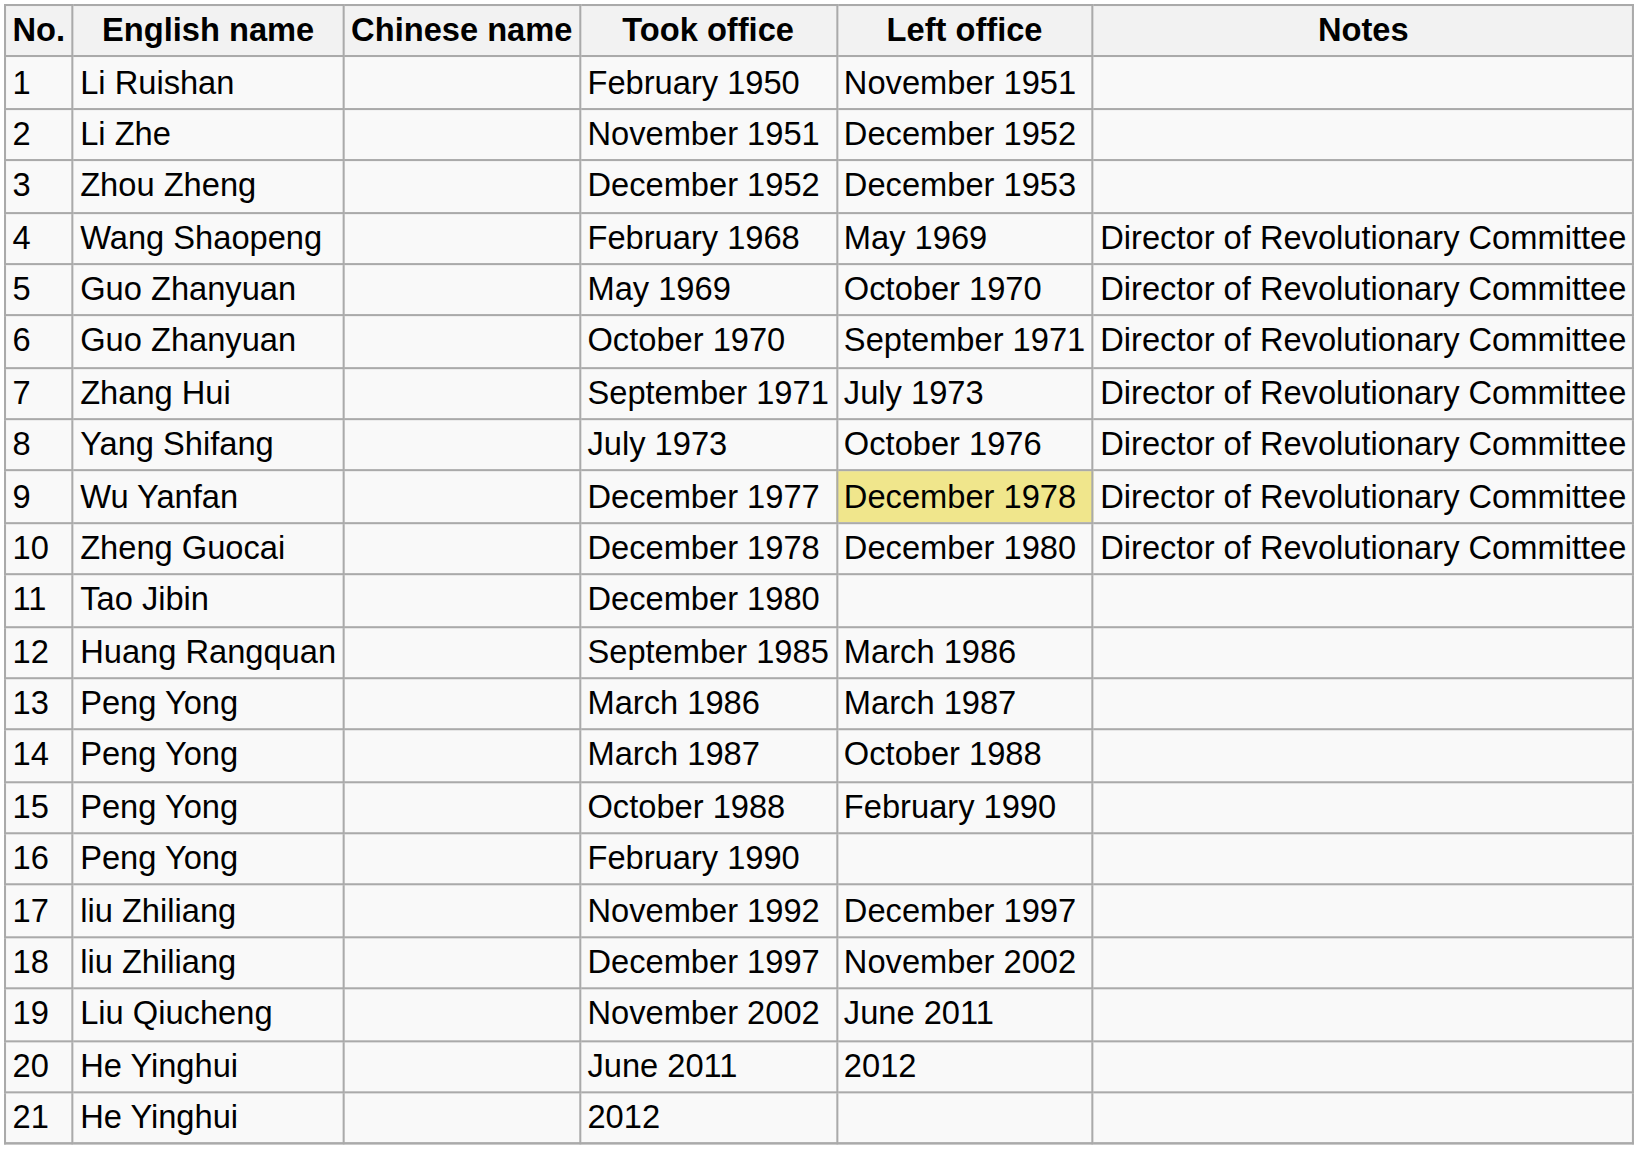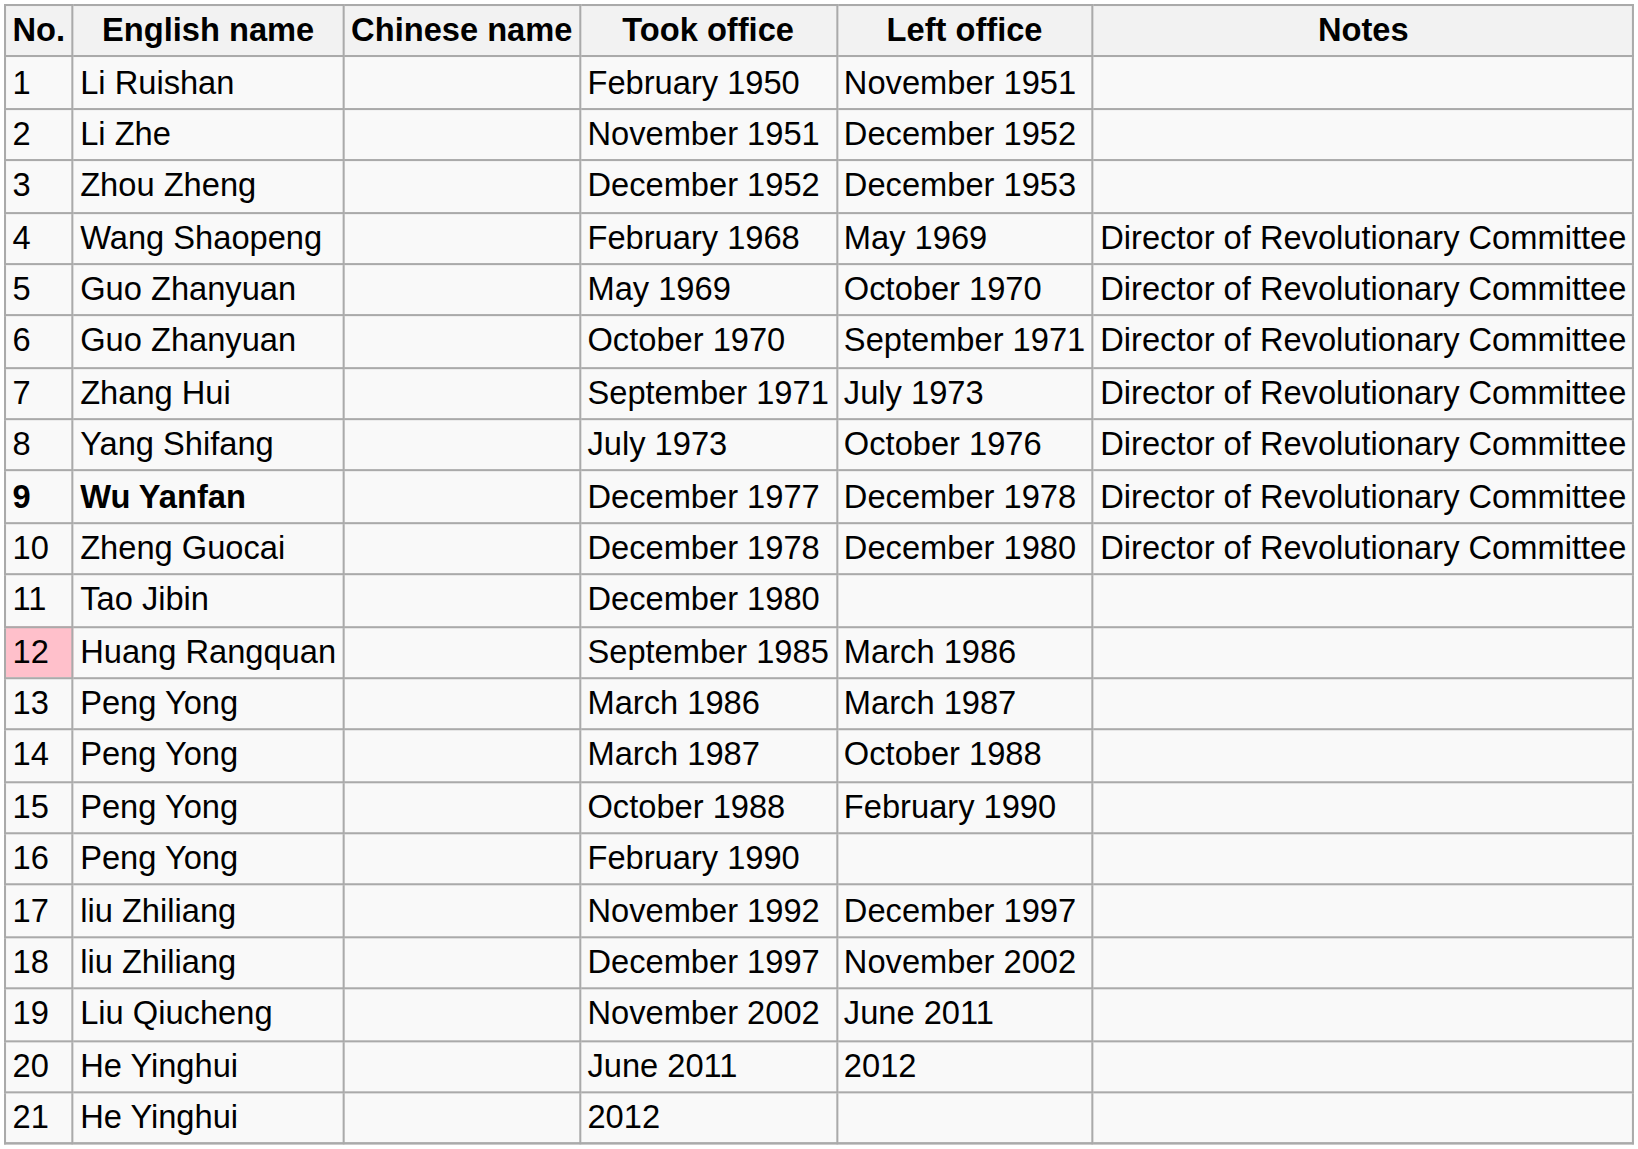 <table class="wikitable">
 <tr>
 <th>No.</th>
 <th>English name</th>
 <th>Chinese name</th>
 <th>Took office</th>
 <th>Left office</th>
 <th>Notes</th>
 </tr>
 <tr>
 <td>1</td>
 <td>Li Ruishan</td>
 <td></td>
 <td>February 1950</td>
 <td>November 1951</td>
 <td></td>
 </tr>
 <tr>
 <td>2</td>
 <td>Li Zhe</td>
 <td></td>
 <td>November 1951</td>
 <td>December 1952</td>
 <td></td>
 </tr>
 <tr>
 <td>3</td>
 <td>Zhou Zheng</td>
 <td></td>
 <td>December 1952</td>
 <td>December 1953</td>
 <td></td>
 </tr>
 <tr>
 <td>4</td>
 <td>Wang Shaopeng</td>
 <td></td>
 <td>February 1968</td>
 <td>May 1969</td>
 <td>Director of Revolutionary Committee</td>
 </tr>
 <tr>
 <td>5</td>
 <td>Guo Zhanyuan</td>
 <td></td>
 <td>May 1969</td>
 <td>October 1970</td>
 <td>Director of Revolutionary Committee</td>
 </tr>
 <tr>
 <td>6</td>
 <td>Guo Zhanyuan</td>
 <td></td>
 <td>October 1970</td>
 <td>September 1971</td>
 <td>Director of Revolutionary Committee</td>
 </tr>
 <tr>
 <td>7</td>
 <td>Zhang Hui</td>
 <td></td>
 <td>September 1971</td>
 <td>July 1973</td>
 <td>Director of Revolutionary Committee</td>
 </tr>
 <tr>
 <td>8</td>
 <td>Yang Shifang</td>
 <td></td>
 <td>July 1973</td>
 <td>October 1976</td>
 <td>Director of Revolutionary Committee</td>
 </tr>
 <tr>
-<td>9</td>
-<td>Wu Yanfan</td>
+<td><strong>9</strong></td>
+<td><strong>Wu Yanfan</strong></td>
 <td></td>
 <td>December 1977</td>
-<td style="background: khaki;">December 1978</td>
+<td>December 1978</td>
 <td>Director of Revolutionary Committee</td>
 </tr>
 <tr>
 <td>10</td>
 <td>Zheng Guocai</td>
 <td></td>
 <td>December 1978</td>
 <td>December 1980</td>
 <td>Director of Revolutionary Committee</td>
 </tr>
 <tr>
 <td>11</td>
 <td>Tao Jibin</td>
 <td></td>
 <td>December 1980</td>
 <td></td>
 <td></td>
 </tr>
 <tr>
-<td>12</td>
+<td style="background: pink;">12</td>
 <td>Huang Rangquan</td>
 <td></td>
 <td>September 1985</td>
 <td>March 1986</td>
 <td></td>
 </tr>
 <tr>
 <td>13</td>
 <td>Peng Yong</td>
 <td></td>
 <td>March 1986</td>
 <td>March 1987</td>
 <td></td>
 </tr>
 <tr>
 <td>14</td>
 <td>Peng Yong</td>
 <td></td>
 <td>March 1987</td>
 <td>October 1988</td>
 <td></td>
 </tr>
 <tr>
 <td>15</td>
 <td>Peng Yong</td>
 <td></td>
 <td>October 1988</td>
 <td>February 1990</td>
 <td></td>
 </tr>
 <tr>
 <td>16</td>
 <td>Peng Yong</td>
 <td></td>
 <td>February 1990</td>
 <td></td>
 <td></td>
 </tr>
 <tr>
 <td>17</td>
 <td>liu Zhiliang</td>
 <td></td>
 <td>November 1992</td>
 <td>December 1997</td>
 <td></td>
 </tr>
 <tr>
 <td>18</td>
 <td>liu Zhiliang</td>
 <td></td>
 <td>December 1997</td>
 <td>November 2002</td>
 <td></td>
 </tr>
 <tr>
 <td>19</td>
 <td>Liu Qiucheng</td>
 <td></td>
 <td>November 2002</td>
 <td>June 2011</td>
 <td></td>
 </tr>
 <tr>
 <td>20</td>
 <td>He Yinghui</td>
 <td></td>
 <td>June 2011</td>
 <td>2012</td>
 <td></td>
 </tr>
 <tr>
 <td>21</td>
 <td>He Yinghui</td>
 <td></td>
 <td>2012</td>
 <td></td>
 <td></td>
 </tr>
 <tr>
 </tr>
 </table>
